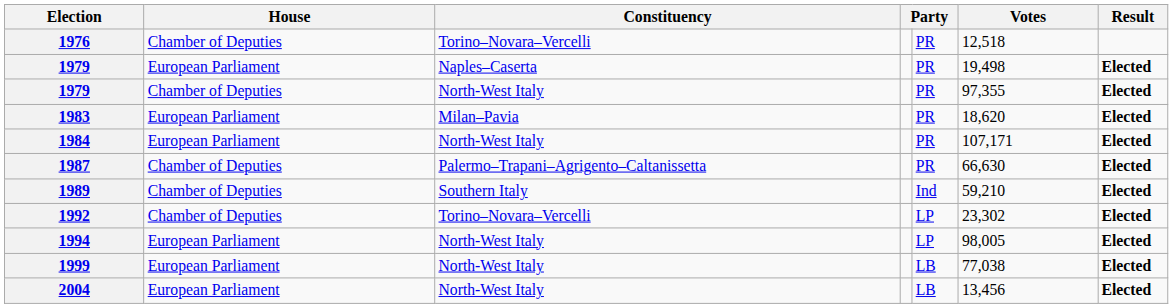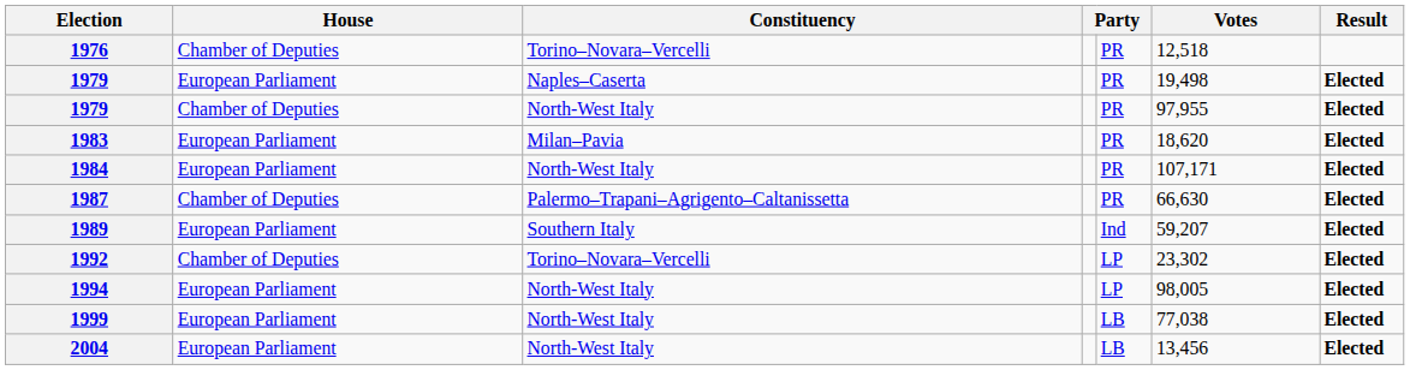 <table class=wikitable style="width:75%; border:1px #AAAAFF solid">
 <tr>
 <th width=12%>Election</th>
 <th width=25%>House</th>
 <th width=40%>Constituency</th>
 <th width=5% colspan="2">Party</th>
 <th width=12%>Votes</th>
 <th width=25%>Result</th>
 </tr>
 <tr>
 <th><a href='#'>1976</a></th>
 <td><a href='#'>Chamber of Deputies</a></td>
 <td><a href='#'>Torino–Novara–Vercelli</a></td>
 <td></td>
 <td><a href='#'>PR</a></td>
 <td>12,518</td>
 <td></td>
 </tr>
 <tr>
 <th><a href='#'>1979</a></th>
 <td><a href='#'>European Parliament</a></td>
 <td><a href='#'>Naples–Caserta</a></td>
 <td></td>
 <td><a href='#'>PR</a></td>
 <td>19,498</td>
 <td> <strong>Elected</strong></td>
 </tr>
 <tr>
 <th><a href='#'>1979</a></th>
 <td><a href='#'>Chamber of Deputies</a></td>
 <td><a href='#'>North-West Italy</a></td>
 <td></td>
 <td><a href='#'>PR</a></td>
-<td>97,355</td>
+<td>97,955</td>
 <td> <strong>Elected</strong></td>
 </tr>
 <tr>
 <th><a href='#'>1983</a></th>
 <td><a href='#'>European Parliament</a></td>
 <td><a href='#'>Milan–Pavia</a></td>
 <td></td>
 <td><a href='#'>PR</a></td>
 <td>18,620</td>
 <td> <strong>Elected</strong></td>
 </tr>
 <tr>
 <th><a href='#'>1984</a></th>
 <td><a href='#'>European Parliament</a></td>
 <td><a href='#'>North-West Italy</a></td>
 <td></td>
 <td><a href='#'>PR</a></td>
 <td>107,171</td>
 <td> <strong>Elected</strong></td>
 </tr>
 <tr>
 <th><a href='#'>1987</a></th>
 <td><a href='#'>Chamber of Deputies</a></td>
 <td><a href='#'>Palermo–Trapani–Agrigento–Caltanissetta</a></td>
 <td></td>
 <td><a href='#'>PR</a></td>
 <td>66,630</td>
 <td> <strong>Elected</strong></td>
 </tr>
 <tr>
 <th><a href='#'>1989</a></th>
-<td><a href='#'>Chamber of Deputies</a></td>
+<td><a href='#'>European Parliament</a></td>
 <td><a href='#'>Southern Italy</a></td>
 <td></td>
 <td><a href='#'>Ind</a></td>
-<td>59,210</td>
+<td>59,207</td>
 <td> <strong>Elected</strong></td>
 </tr>
 <tr>
 <th><a href='#'>1992</a></th>
 <td><a href='#'>Chamber of Deputies</a></td>
 <td><a href='#'>Torino–Novara–Vercelli</a></td>
 <td></td>
 <td><a href='#'>LP</a></td>
 <td>23,302</td>
 <td> <strong>Elected</strong></td>
 </tr>
 <tr>
 <th><a href='#'>1994</a></th>
 <td><a href='#'>European Parliament</a></td>
 <td><a href='#'>North-West Italy</a></td>
 <td></td>
 <td><a href='#'>LP</a></td>
 <td>98,005</td>
 <td> <strong>Elected</strong></td>
 </tr>
 <tr>
 <th><a href='#'>1999</a></th>
 <td><a href='#'>European Parliament</a></td>
 <td><a href='#'>North-West Italy</a></td>
 <td></td>
 <td><a href='#'>LB</a></td>
 <td>77,038</td>
 <td> <strong>Elected</strong></td>
 </tr>
 <tr>
 <th><a href='#'>2004</a></th>
 <td><a href='#'>European Parliament</a></td>
 <td><a href='#'>North-West Italy</a></td>
 <td></td>
 <td><a href='#'>LB</a></td>
 <td>13,456</td>
 <td> <strong>Elected</strong></td>
 </tr>
 </table>
